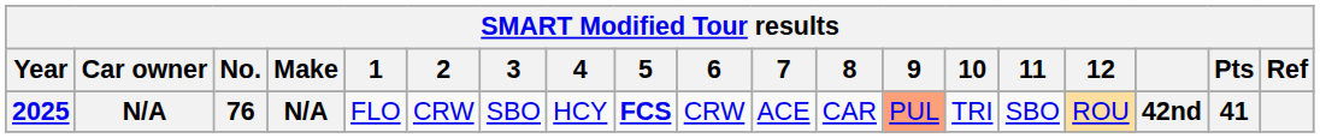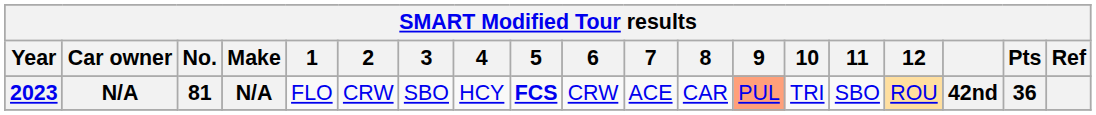 <table class="wikitable" style="text-align:center; font-size:75%">
 <tr>
 <th colspan=38><a href='#'>SMART Modified Tour</a> results</th>
 </tr>
 <tr>
 <th>Year</th>
 <th>Car owner</th>
 <th>No.</th>
 <th>Make</th>
 <th>1</th>
 <th>2</th>
 <th>3</th>
 <th>4</th>
 <th>5</th>
 <th>6</th>
 <th>7</th>
 <th>8</th>
 <th>9</th>
 <th>10</th>
 <th>11</th>
 <th>12</th>
 <th></th>
 <th>Pts</th>
 <th>Ref</th>
 </tr>
 <tr>
-<th><a href='#'>2025</a></th>
+<th><a href='#'>2023</a></th>
 <th>N/A</th>
-<th>76</th>
+<th>81</th>
 <th>N/A</th>
 <td><a href='#'>FLO</a></td>
 <td><a href='#'>CRW</a></td>
 <td><a href='#'>SBO</a></td>
 <td><a href='#'>HCY</a></td>
 <td><strong><a href='#'>FCS</a></strong></td>
 <td><a href='#'>CRW</a></td>
 <td><a href='#'>ACE</a></td>
 <td><a href='#'>CAR</a></td>
 <td style="background: lightsalmon;"><a href='#'>PUL</a></td>
 <td><a href='#'>TRI</a></td>
 <td><a href='#'>SBO</a></td>
 <td style="background:#FFDF9F;"><a href='#'>ROU</a><br></td>
 <th>42nd</th>
-<th>41</th>
+<th>36</th>
 <th></th>
 </tr>
 </table>
